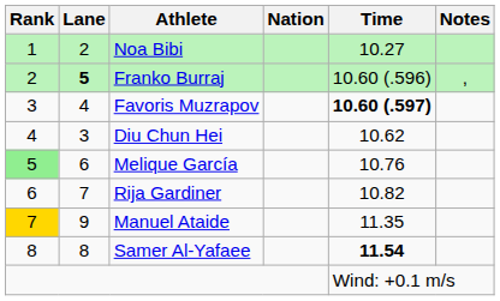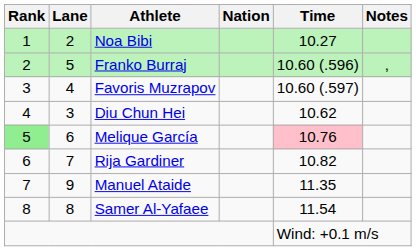 <table class="wikitable sortable" style="text-align:center;">
 <tr>
 <th scope="col">Rank</th>
 <th scope="col">Lane</th>
 <th scope="col">Athlete</th>
 <th scope="col">Nation</th>
 <th scope="col">Time</th>
 <th scope="col">Notes</th>
 </tr>
 <tr bgcolor="#bbf3bb">
 <td>1</td>
 <td>2</td>
 <td align=left><a href='#'>Noa Bibi</a></td>
 <td align=left></td>
 <td>10.27</td>
 <td></td>
 </tr>
 <tr bgcolor="#bbf3bb">
 <td>2</td>
-<td><strong>5</strong></td>
+<td>5</td>
 <td align=left><a href='#'>Franko Burraj</a></td>
 <td align=left></td>
 <td>10.60 (.596)</td>
 <td>, </td>
 </tr>
 <tr>
 <td>3</td>
 <td>4</td>
 <td align=left><a href='#'>Favoris Muzrapov</a></td>
 <td align=left></td>
-<td><strong>10.60 (.597)</strong></td>
+<td>10.60 (.597)</td>
 <td></td>
 </tr>
 <tr>
 <td>4</td>
 <td>3</td>
 <td align=left><a href='#'>Diu Chun Hei</a></td>
 <td align=left></td>
 <td>10.62</td>
 <td></td>
 </tr>
 <tr>
 <td style="background: lightgreen;">5</td>
 <td>6</td>
 <td align=left><a href='#'>Melique García</a></td>
 <td align=left></td>
-<td>10.76</td>
+<td style="background: pink;">10.76</td>
 <td></td>
 </tr>
 <tr>
 <td>6</td>
 <td>7</td>
 <td align=left><a href='#'>Rija Gardiner</a></td>
 <td align=left></td>
 <td>10.82</td>
 <td></td>
 </tr>
 <tr>
-<td style="background: gold;">7</td>
+<td>7</td>
 <td>9</td>
 <td align=left><a href='#'>Manuel Ataide</a></td>
 <td align=left></td>
 <td>11.35</td>
 <td></td>
 </tr>
 <tr>
 <td>8</td>
 <td>8</td>
 <td align=left><a href='#'>Samer Al-Yafaee</a></td>
 <td align=left></td>
-<td><strong>11.54</strong></td>
+<td>11.54</td>
 <td></td>
 </tr>
 <tr class="sortbottom">
 <td colspan=4></td>
 <td colspan="2" style="text-align:left;">Wind: +0.1 m/s</td>
 </tr>
 </table>
